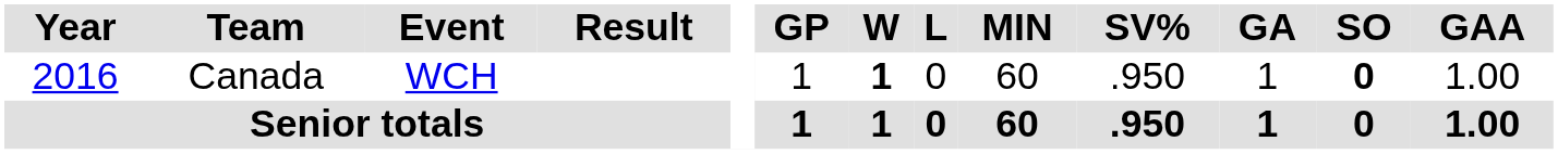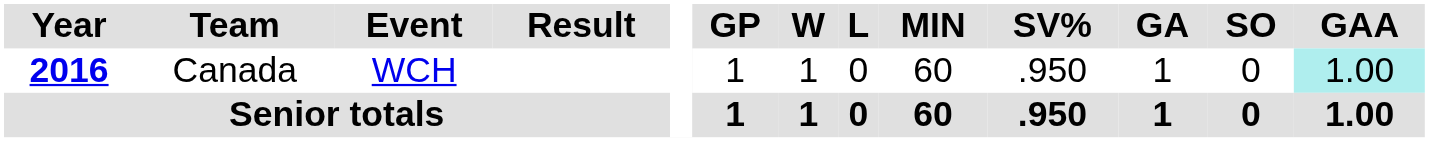 <table border="0" cellpadding="1" cellspacing="0" style="text-align:center; width:40em;">
 <tr bgcolor="#e0e0e0">
 <th>Year</th>
 <th>Team</th>
 <th>Event</th>
 <th>Result</th>
 <th rowspan="99" bgcolor="#ffffff"> </th>
 <th>GP</th>
 <th>W</th>
 <th>L</th>
 <th>MIN</th>
 <th>SV%</th>
 <th>GA</th>
 <th>SO</th>
 <th>GAA</th>
 </tr>
 <tr>
-<td><a href='#'>2016</a></td>
+<td><strong><a href='#'>2016</a></strong></td>
 <td>Canada</td>
 <td><a href='#'>WCH</a></td>
 <td></td>
 <td>1</td>
-<td><strong>1</strong></td>
+<td>1</td>
 <td>0</td>
 <td>60</td>
 <td>.950</td>
 <td>1</td>
-<td><strong>0</strong></td>
-<td>1.00</td>
+<td>0</td>
+<td style="background: paleturquoise;">1.00</td>
 </tr>
 <tr bgcolor="#e0e0e0">
 <th colspan="4">Senior totals</th>
 <th>1</th>
 <th>1</th>
 <th>0</th>
 <th>60</th>
 <th>.950</th>
 <th>1</th>
 <th>0</th>
 <th>1.00</th>
 </tr>
 </table>
